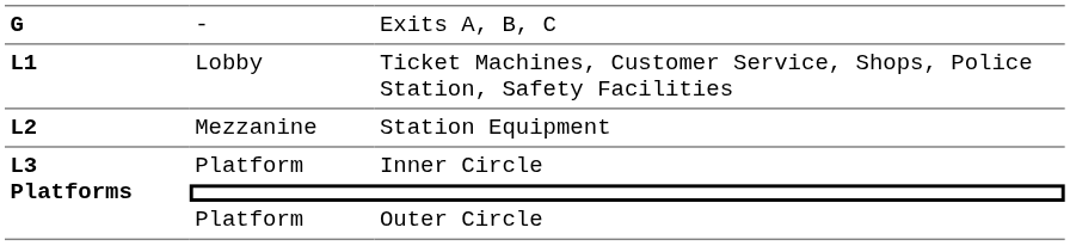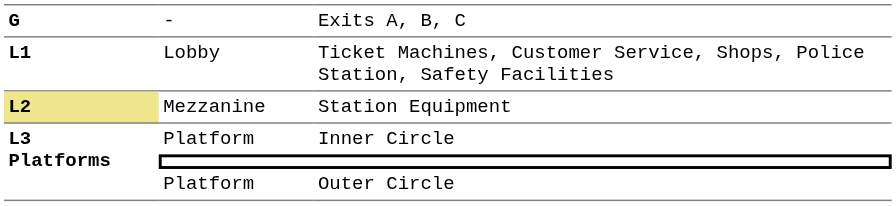 <table table border=0 cellspacing=0 cellpadding=3>
 <tr>
 <td style="border-top:solid 1px gray;" width=50 valign=top><strong>G</strong></td>
 <td style="border-top:solid 1px gray;" width=100 valign=top>-</td>
 <td style="border-top:solid 1px gray;" width=390 valign=top>Exits A, B, C</td>
 </tr>
 <tr>
 <td style="border-bottom:solid 1px gray; border-top:solid 1px gray;" valign=top width=100><strong>L1</strong></td>
 <td style="border-bottom:solid 1px gray; border-top:solid 1px gray;" valign=top width=100>Lobby</td>
 <td style="border-bottom:solid 1px gray; border-top:solid 1px gray;" valign=top width=390>Ticket Machines, Customer Service, Shops, Police Station, Safety Facilities</td>
 </tr>
 <tr>
-<td style="border-bottom:solid 1px gray;" valign=top><strong>L2</strong></td>
+<td style="background: khaki; border-bottom:solid 1px gray;" valign=top><strong>L2</strong></td>
 <td style="border-bottom:solid 1px gray;" valign=top>Mezzanine</td>
 <td style="border-bottom:solid 1px gray;" valign=top>Station Equipment</td>
 </tr>
 <tr>
 <td style="border-bottom:solid 1px gray;" rowspan=3 valign=top><strong>L3<br>Platforms</strong></td>
 <td>Platform </td>
 <td>  Inner Circle </td>
 </tr>
 <tr>
 <td style="border-right:solid 2px black;border-left:solid 2px black;border-top:solid 2px black;border-bottom:solid 2px black;text-align:center;" colspan=2></td>
 </tr>
 <tr>
 <td style="border-bottom:solid 1px gray;">Platform </td>
 <td style="border-bottom:solid 1px gray;"> Outer Circle  </td>
 </tr>
 <tr>
 </tr>
 </table>
